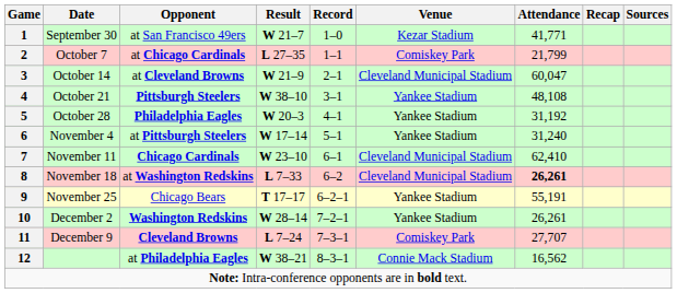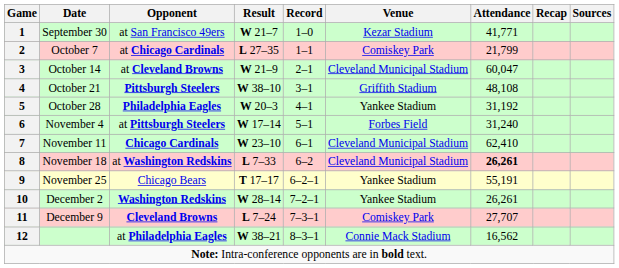 <table class="wikitable" style="text-align:center">
 <tr>
 <th>Game</th>
 <th>Date</th>
 <th>Opponent</th>
 <th>Result</th>
 <th>Record</th>
 <th>Venue</th>
 <th>Attendance</th>
 <th>Recap</th>
 <th>Sources</th>
 </tr>
 <tr style="background:#cfc">
 <th>1</th>
 <td>September 30</td>
 <td>at <a href='#'>San Francisco 49ers</a></td>
 <td><strong>W</strong> 21–7</td>
 <td>1–0</td>
 <td><a href='#'>Kezar Stadium</a></td>
 <td>41,771</td>
 <td></td>
 <td></td>
 </tr>
 <tr style="background:#fcc">
 <th>2</th>
 <td>October 7</td>
 <td>at <strong><a href='#'>Chicago Cardinals</a></strong></td>
 <td><strong>L</strong> 27–35</td>
 <td>1–1</td>
 <td><a href='#'>Comiskey Park</a></td>
 <td>21,799</td>
 <td></td>
 <td></td>
 </tr>
 <tr style="background:#cfc">
 <th>3</th>
 <td>October 14</td>
 <td>at <strong><a href='#'>Cleveland Browns</a></strong></td>
 <td><strong>W</strong> 21–9</td>
 <td>2–1</td>
 <td><a href='#'>Cleveland Municipal Stadium</a></td>
 <td>60,047</td>
 <td></td>
 <td></td>
 </tr>
 <tr style="background:#cfc">
 <th>4</th>
 <td>October 21</td>
 <td><strong><a href='#'>Pittsburgh Steelers</a></strong></td>
 <td><strong>W</strong> 38–10</td>
 <td>3–1</td>
-<td><a href='#'>Yankee Stadium</a></td>
+<td><a href='#'>Griffith Stadium</a></td>
 <td>48,108</td>
 <td></td>
 <td></td>
 </tr>
 <tr style="background:#cfc">
 <th>5</th>
 <td>October 28</td>
 <td><strong><a href='#'>Philadelphia Eagles</a></strong></td>
 <td><strong>W</strong> 20–3</td>
 <td>4–1</td>
 <td>Yankee Stadium</td>
 <td>31,192</td>
 <td></td>
 <td></td>
 </tr>
 <tr style="background:#cfc">
 <th>6</th>
 <td>November 4</td>
 <td>at <strong><a href='#'>Pittsburgh Steelers</a></strong></td>
 <td><strong>W</strong> 17–14</td>
 <td>5–1</td>
-<td>Yankee Stadium</td>
+<td><a href='#'>Forbes Field</a></td>
 <td>31,240</td>
 <td></td>
 <td></td>
 </tr>
 <tr style="background:#cfc">
 <th>7</th>
 <td>November 11</td>
 <td><strong><a href='#'>Chicago Cardinals</a></strong></td>
 <td><strong>W</strong> 23–10</td>
 <td>6–1</td>
 <td><a href='#'>Cleveland Municipal Stadium</a></td>
 <td>62,410</td>
 <td></td>
 <td></td>
 </tr>
 <tr style="background:#fcc">
 <th>8</th>
 <td>November 18</td>
 <td>at <strong><a href='#'>Washington Redskins</a></strong></td>
 <td><strong>L</strong> 7–33</td>
 <td>6–2</td>
 <td><a href='#'>Cleveland Municipal Stadium</a></td>
 <td><strong>26,261</strong></td>
 <td></td>
 <td></td>
 </tr>
 <tr style="background:#ffc">
 <th>9</th>
 <td>November 25</td>
 <td><a href='#'>Chicago Bears</a></td>
 <td><strong>T</strong> 17–17</td>
 <td>6–2–1</td>
 <td>Yankee Stadium</td>
 <td>55,191</td>
 <td></td>
 <td></td>
 </tr>
 <tr style="background:#cfc">
 <th>10</th>
 <td>December 2</td>
 <td><strong><a href='#'>Washington Redskins</a></strong></td>
 <td><strong>W</strong> 28–14</td>
 <td>7–2–1</td>
 <td>Yankee Stadium</td>
 <td>26,261</td>
 <td></td>
 <td></td>
 </tr>
 <tr style="background:#fcc">
 <th>11</th>
 <td>December 9</td>
 <td><strong><a href='#'>Cleveland Browns</a></strong></td>
 <td><strong>L</strong> 7–24</td>
 <td>7–3–1</td>
 <td><a href='#'>Comiskey Park</a></td>
 <td>27,707</td>
 <td></td>
 <td></td>
 </tr>
 <tr style="background:#cfc">
 <th>12</th>
 <td></td>
 <td>at <strong><a href='#'>Philadelphia Eagles</a></strong></td>
 <td><strong>W</strong> 38–21</td>
 <td>8–3–1</td>
 <td><a href='#'>Connie Mack Stadium</a></td>
 <td>16,562</td>
 <td></td>
 <td></td>
 </tr>
 <tr>
 <td colspan="10"><strong>Note:</strong> Intra-conference opponents are in <strong>bold</strong> text.</td>
 </tr>
 </table>
